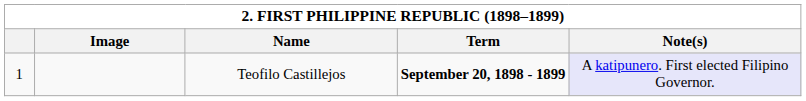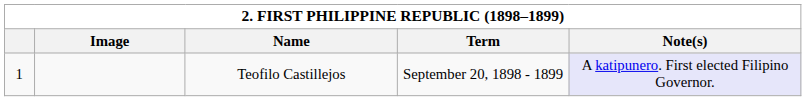 <table class="wikitable collapsible collapsed" style="vertical-align:top;text-align:center;font-size:95%;">
 <tr>
 <th style="background-color:white;font-size:105%;width:51em;" colspan=5>2. FIRST PHILIPPINE REPUBLIC (1898–1899)</th>
 </tr>
 <tr>
 <th style="width: 1em;text-align:center"></th>
 <th style="width: 7em;text-align:center">Image</th>
 <th style="width: 10em;text-align:center">Name</th>
 <th style="width: 8em;text-align:center">Term</th>
 <th style="width: 11em;text-align:center">Note(s)</th>
 </tr>
 <tr>
 <td>1</td>
 <td></td>
 <td>Teofilo Castillejos</td>
-<td><strong>September 20, 1898 - 1899</strong></td>
+<td>September 20, 1898 - 1899</td>
 <td style="background: lavender;">A <a href='#'>katipunero</a>. First elected Filipino Governor.</td>
 </tr>
 </table>
